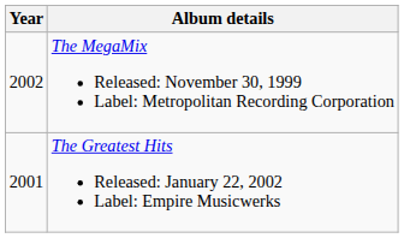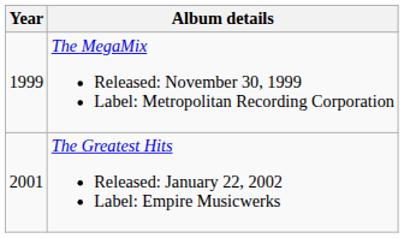 <table Class = "wikitable">
 <tr>
 <th>Year</th>
 <th>Album details</th>
 </tr>
 <tr>
-<td style="text-align:center;">2002</td>
+<td style="text-align:center;">1999</td>
 <td><em><a href='#'>The MegaMix</a></em><br><ul><li>Released: November 30, 1999</li><li>Label: Metropolitan Recording Corporation</li></ul></td>
 </tr>
 <tr>
 <td style="text-align:center;">2001</td>
 <td><em><a href='#'>The Greatest Hits</a></em><br><ul><li>Released: January 22, 2002</li><li>Label: Empire Musicwerks</li></ul></td>
 </tr>
 </table>
